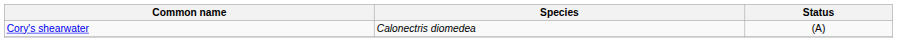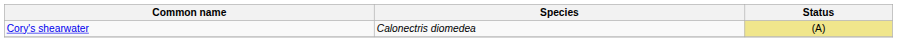 <table width=70% class="wikitable">
 <tr>
 <th width=20%>Common name</th>
 <th width=20%>Species</th>
 <th width=8%>Status</th>
 </tr>
 <tr>
 <td><a href='#'>Cory's shearwater</a></td>
 <td><em>Calonectris diomedea</em></td>
-<td align=center>(A)</td>
+<td align=center style="background: khaki;">(A)</td>
 </tr>
 <tr>
 </tr>
 </table>
